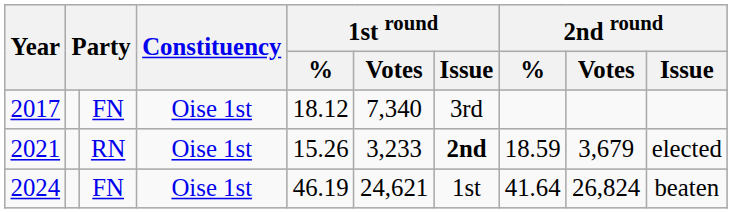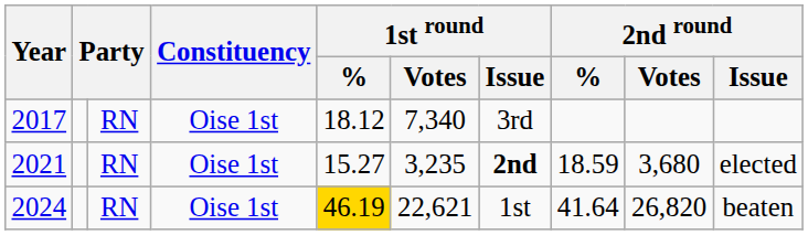 <table class="wikitable" style="text-align:center">
 <tr>
 <th rowspan="2" scope="col">Year</th>
 <th colspan="2" rowspan="2">Party</th>
 <th rowspan="2"><a href='#'>Constituency</a></th>
 <th colspan="3"><abbr>1st <sup>round</sup></abbr></th>
 <th colspan="3"><abbr>2nd <sup>round</sup></abbr></th>
 </tr>
 <tr>
 <th>%</th>
 <th>Votes</th>
 <th>Issue</th>
 <th>%</th>
 <th>Votes</th>
 <th>Issue</th>
 </tr>
 <tr>
 <td><a href='#'>2017</a></td>
 <td style="color:inherit;background-color: "></td>
-<td><a href='#'>FN</a></td>
+<td><a href='#'>RN</a></td>
 <td><a href='#'>Oise 1st</a></td>
 <td>18.12</td>
 <td>7,340</td>
 <td>3rd</td>
 <td></td>
 <td></td>
 <td></td>
 </tr>
 <tr>
 <td><a href='#'>2021</a></td>
 <td style="color:inherit;background-color: "></td>
 <td><a href='#'>RN</a></td>
 <td><a href='#'>Oise 1st</a></td>
-<td>15.26</td>
-<td>3,233</td>
+<td>15.27</td>
+<td>3,235</td>
 <td><strong>2nd</strong></td>
 <td>18.59</td>
-<td>3,679</td>
+<td>3,680</td>
 <td>elected</td>
 </tr>
 <tr>
 <td><a href='#'>2024</a></td>
 <td style="color:inherit;background-color: "></td>
-<td><a href='#'>FN</a></td>
+<td><a href='#'>RN</a></td>
 <td><a href='#'>Oise 1st</a></td>
-<td>46.19</td>
-<td>24,621</td>
+<td style="background: gold;">46.19</td>
+<td>22,621</td>
 <td>1st</td>
 <td>41.64</td>
-<td>26,824</td>
+<td>26,820</td>
 <td>beaten</td>
 </tr>
 </table>
